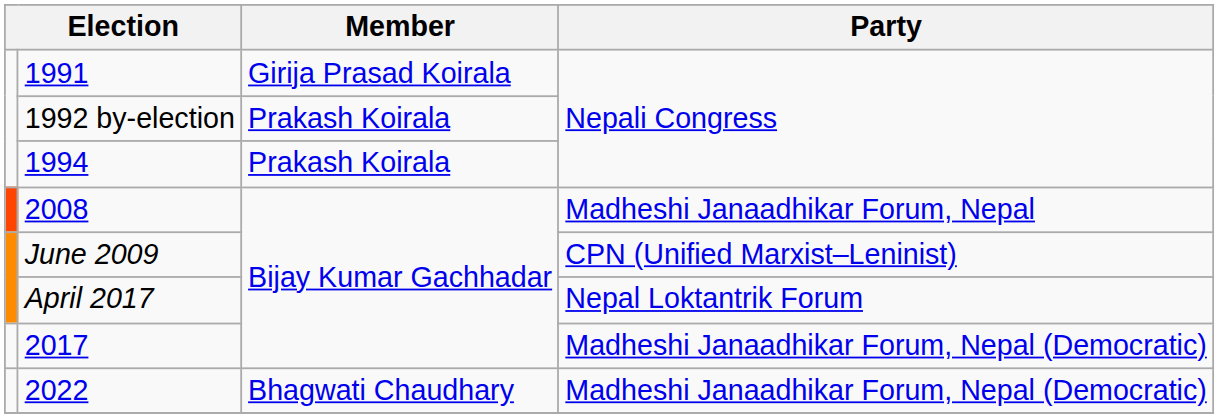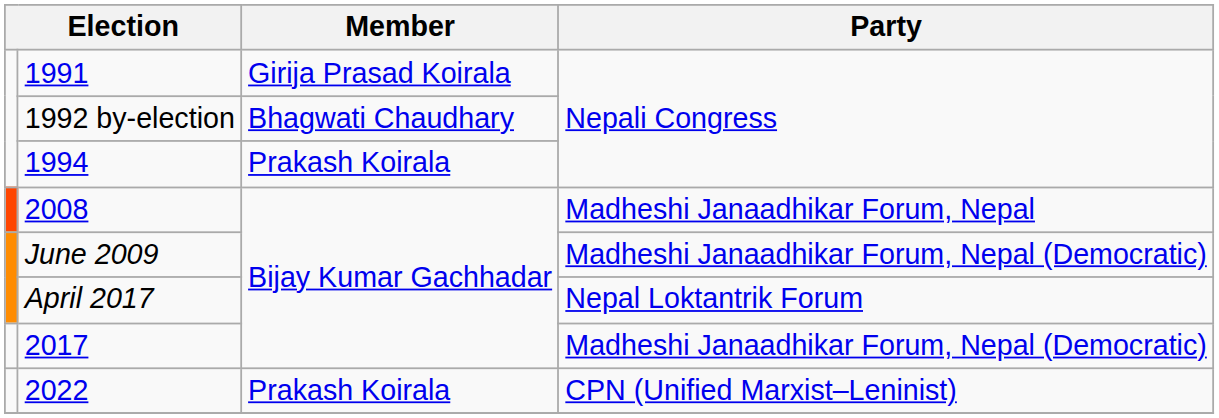 <table class="wikitable">
 <tr>
 <th colspan="2">Election</th>
 <th>Member</th>
 <th>Party</th>
 </tr>
 <tr>
 <td rowspan="3" style="background-color:"></td>
 <td><a href='#'>1991</a></td>
 <td><a href='#'>Girija Prasad Koirala</a></td>
 <td rowspan="3"><a href='#'>Nepali Congress</a></td>
 </tr>
 <tr>
 <td>1992 by-election</td>
-<td><a href='#'>Prakash Koirala</a></td>
+<td><a href='#'>Bhagwati Chaudhary</a></td>
 </tr>
 <tr>
 <td><a href='#'>1994</a></td>
 <td><a href='#'>Prakash Koirala</a></td>
 </tr>
 <tr>
 <td style="background-color:orangered"></td>
 <td><a href='#'>2008</a></td>
 <td rowspan="4"><a href='#'>Bijay Kumar Gachhadar</a></td>
 <td><a href='#'>Madheshi Janaadhikar Forum, Nepal</a></td>
 </tr>
 <tr>
 <td rowspan="2" style="background-color:darkorange"></td>
 <td><em>June 2009</em></td>
-<td><a href='#'>CPN (Unified Marxist–Leninist)</a></td>
+<td><a href='#'>Madheshi Janaadhikar Forum, Nepal (Democratic)</a></td>
 </tr>
 <tr>
 <td><em>April 2017</em></td>
 <td><a href='#'>Nepal Loktantrik Forum</a></td>
 </tr>
 <tr>
 <td style="background-color:"></td>
 <td><a href='#'>2017</a></td>
 <td><a href='#'>Madheshi Janaadhikar Forum, Nepal (Democratic)</a></td>
 </tr>
 <tr>
 <td></td>
 <td><a href='#'>2022</a></td>
-<td><a href='#'>Bhagwati Chaudhary</a></td>
-<td><a href='#'>Madheshi Janaadhikar Forum, Nepal (Democratic)</a></td>
+<td><a href='#'>Prakash Koirala</a></td>
+<td><a href='#'>CPN (Unified Marxist–Leninist)</a></td>
 </tr>
 <tr>
 </tr>
 </table>
